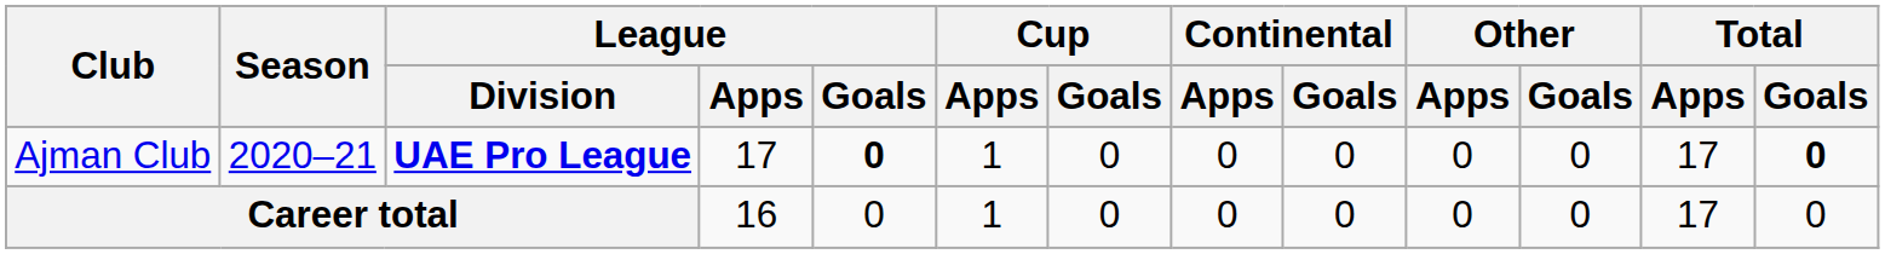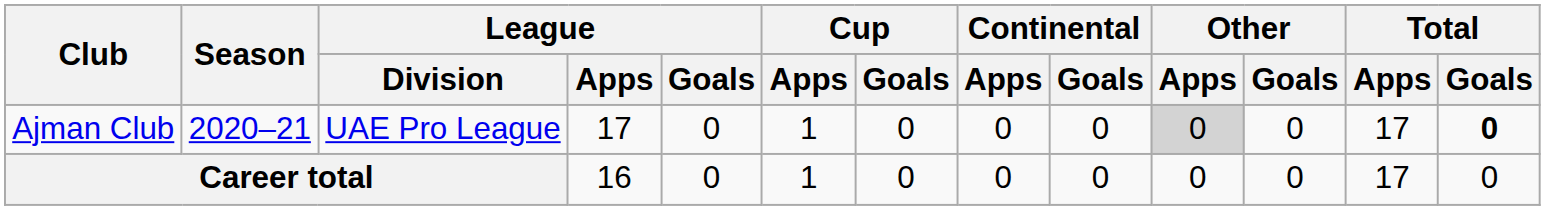 <table class="wikitable" style="text-align: center">
 <tr>
 <th rowspan="2">Club</th>
 <th rowspan="2">Season</th>
 <th colspan="3">League</th>
 <th colspan="2">Cup</th>
 <th colspan="2">Continental</th>
 <th colspan="2">Other</th>
 <th colspan="2">Total</th>
 </tr>
 <tr>
 <th>Division</th>
 <th>Apps</th>
 <th>Goals</th>
 <th>Apps</th>
 <th>Goals</th>
 <th>Apps</th>
 <th>Goals</th>
 <th>Apps</th>
 <th>Goals</th>
 <th>Apps</th>
 <th>Goals</th>
 </tr>
 <tr>
 <td><a href='#'>Ajman Club</a></td>
 <td><a href='#'>2020–21</a></td>
-<td><strong><a href='#'>UAE Pro League</a></strong></td>
+<td><a href='#'>UAE Pro League</a></td>
 <td>17</td>
-<td><strong>0</strong></td>
+<td>0</td>
 <td>1</td>
 <td>0</td>
 <td>0</td>
 <td>0</td>
-<td>0</td>
+<td style="background: lightgrey;">0</td>
 <td>0</td>
 <td>17</td>
 <td><strong>0</strong></td>
 </tr>
 <tr>
 <th colspan="3"><strong>Career total</strong></th>
 <td>16</td>
 <td>0</td>
 <td>1</td>
 <td>0</td>
 <td>0</td>
 <td>0</td>
 <td>0</td>
 <td>0</td>
 <td>17</td>
 <td>0</td>
 </tr>
 </table>
